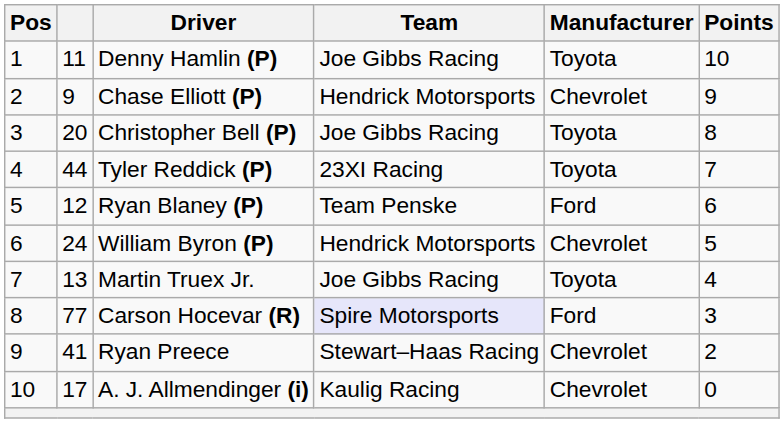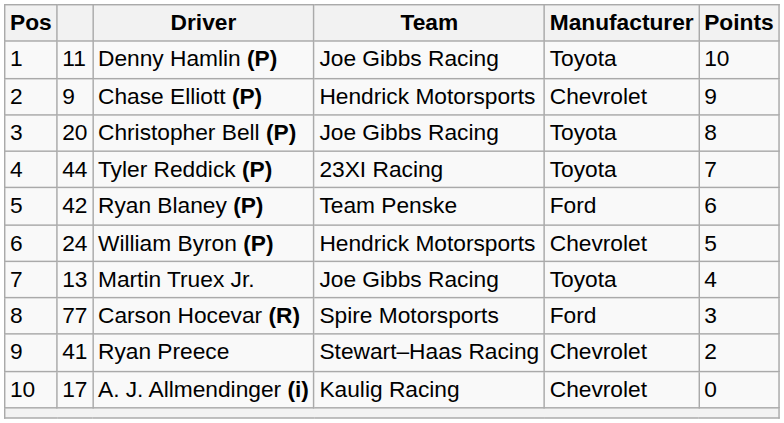 <table class="wikitable" style="font-size:98%">
 <tr>
 <th>Pos</th>
 <th></th>
 <th>Driver</th>
 <th>Team</th>
 <th>Manufacturer</th>
 <th>Points</th>
 </tr>
 <tr>
 <td>1</td>
 <td>11</td>
 <td>Denny Hamlin <strong>(P)</strong></td>
 <td>Joe Gibbs Racing</td>
 <td>Toyota</td>
 <td>10</td>
 </tr>
 <tr>
 <td>2</td>
 <td>9</td>
 <td>Chase Elliott <strong>(P)</strong></td>
 <td>Hendrick Motorsports</td>
 <td>Chevrolet</td>
 <td>9</td>
 </tr>
 <tr>
 <td>3</td>
 <td>20</td>
 <td>Christopher Bell <strong>(P)</strong></td>
 <td>Joe Gibbs Racing</td>
 <td>Toyota</td>
 <td>8</td>
 </tr>
 <tr>
 <td>4</td>
 <td>44</td>
 <td>Tyler Reddick <strong>(P)</strong></td>
 <td>23XI Racing</td>
 <td>Toyota</td>
 <td>7</td>
 </tr>
 <tr>
 <td>5</td>
-<td>12</td>
+<td>42</td>
 <td>Ryan Blaney <strong>(P)</strong></td>
 <td>Team Penske</td>
 <td>Ford</td>
 <td>6</td>
 </tr>
 <tr>
 <td>6</td>
 <td>24</td>
 <td>William Byron <strong>(P)</strong></td>
 <td>Hendrick Motorsports</td>
 <td>Chevrolet</td>
 <td>5</td>
 </tr>
 <tr>
 <td>7</td>
 <td>13</td>
 <td>Martin Truex Jr.</td>
 <td>Joe Gibbs Racing</td>
 <td>Toyota</td>
 <td>4</td>
 </tr>
 <tr>
 <td>8</td>
 <td>77</td>
 <td>Carson Hocevar <strong>(R)</strong></td>
-<td style="background: lavender;">Spire Motorsports</td>
+<td>Spire Motorsports</td>
 <td>Ford</td>
 <td>3</td>
 </tr>
 <tr>
 <td>9</td>
 <td>41</td>
 <td>Ryan Preece</td>
 <td>Stewart–Haas Racing</td>
 <td>Chevrolet</td>
 <td>2</td>
 </tr>
 <tr>
 <td>10</td>
 <td>17</td>
 <td>A. J. Allmendinger <strong>(i)</strong></td>
 <td>Kaulig Racing</td>
 <td>Chevrolet</td>
 <td>0</td>
 </tr>
 <tr>
 <th colspan="6"></th>
 </tr>
 </table>
